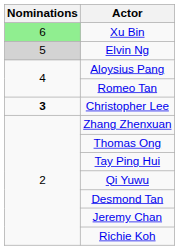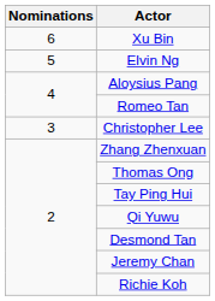 <table class="wikitable" style="text-align:center;">
 <tr>
 <th scope="col" width="55">Nominations</th>
 <th scope="col" align="center">Actor</th>
 </tr>
 <tr>
-<td style="background: lightgreen; text-align:center">6</td>
+<td style="text-align:center">6</td>
 <td><a href='#'>Xu Bin</a></td>
 </tr>
 <tr>
-<td style="background: lightgrey; text-align:center">5</td>
+<td style="text-align:center">5</td>
 <td><a href='#'>Elvin Ng</a></td>
 </tr>
 <tr>
 <td rowspan=2 style="text-align:center">4</td>
 <td><a href='#'>Aloysius Pang</a></td>
 </tr>
 <tr>
 <td><a href='#'>Romeo Tan</a></td>
 </tr>
 <tr>
-<td style="text-align:center"><strong>3</strong></td>
+<td style="text-align:center">3</td>
 <td><a href='#'>Christopher Lee</a></td>
 </tr>
 <tr>
 <td rowspan=7 style="text-align:center">2</td>
 <td><a href='#'>Zhang Zhenxuan</a></td>
 </tr>
 <tr>
 <td><a href='#'>Thomas Ong</a></td>
 </tr>
 <tr>
 <td><a href='#'>Tay Ping Hui</a></td>
 </tr>
 <tr>
 <td><a href='#'>Qi Yuwu</a></td>
 </tr>
 <tr>
 <td><a href='#'>Desmond Tan</a></td>
 </tr>
 <tr>
 <td><a href='#'>Jeremy Chan</a></td>
 </tr>
 <tr>
 <td><a href='#'>Richie Koh</a></td>
 </tr>
 </table>
